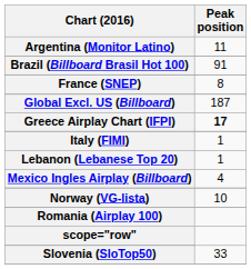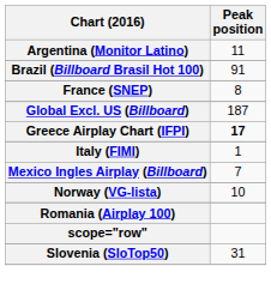 <table class="wikitable sortable plainrowheaders" style="text-align:center">
 <tr>
 <th scope="col">Chart (2016)</th>
 <th scope="col">Peak<br> position</th>
 </tr>
 <tr>
 <th scope="row">Argentina (<a href='#'>Monitor Latino</a>)</th>
 <td>11</td>
 </tr>
 <tr>
 </tr>
 <tr>
 </tr>
 <tr>
 </tr>
 <tr>
 </tr>
 <tr>
 <th scope="row">Brazil (<a href='#'><em>Billboard</em> Brasil Hot 100</a>)</th>
 <td>91</td>
 </tr>
 <tr>
 </tr>
 <tr>
 </tr>
 <tr>
 </tr>
 <tr>
 </tr>
 <tr>
 </tr>
 <tr>
 </tr>
 <tr>
 <th scope="row">France (<a href='#'>SNEP</a>)</th>
 <td>8</td>
 </tr>
 <tr>
 </tr>
 <tr>
 <th scope="row"><a href='#'>Global Excl. US</a> (<em><a href='#'>Billboard</a></em>)</th>
 <td>187</td>
 </tr>
 <tr>
 <th scope="row">Greece Airplay Chart (<a href='#'>IFPI</a>)</th>
 <td><strong>17</strong></td>
 </tr>
 <tr>
 </tr>
 <tr>
 </tr>
 <tr>
 </tr>
 <tr>
 <th scope="row">Italy (<a href='#'>FIMI</a>)</th>
 <td>1</td>
 </tr>
 <tr>
-<th scope="row">Lebanon (<a href='#'>Lebanese Top 20</a>)</th>
-<td>1</td>
-</tr>
-<tr>
 <th scope="row"><a href='#'>Mexico Ingles Airplay</a> (<em><a href='#'>Billboard</a></em>)</th>
-<td>4</td>
+<td>7</td>
 </tr>
 <tr>
 </tr>
 <tr>
 </tr>
 <tr>
 </tr>
 <tr>
 <th scope="row">Norway (<a href='#'>VG-lista</a>)</th>
 <td>10</td>
 </tr>
 <tr>
 </tr>
 <tr>
 </tr>
 <tr>
 <th scope="row">Romania (<a href='#'>Airplay 100</a>)</th>
 <td></td>
 </tr>
 <tr>
 <th>scope="row"</th>
 </tr>
 <tr>
 </tr>
 <tr>
 </tr>
 <tr>
 </tr>
 <tr>
 </tr>
 <tr>
 </tr>
 <tr>
 <th scope="row">Slovenia (<a href='#'>SloTop50</a>)</th>
-<td>33</td>
+<td>31</td>
 </tr>
 <tr>
 </tr>
 <tr>
 </tr>
 <tr>
 </tr>
 <tr>
 </tr>
 <tr>
 </tr>
 <tr>
 </tr>
 <tr>
 </tr>
 <tr>
 </tr>
 <tr>
 </tr>
 <tr>
 </tr>
 <tr>
 </tr>
 </table>
